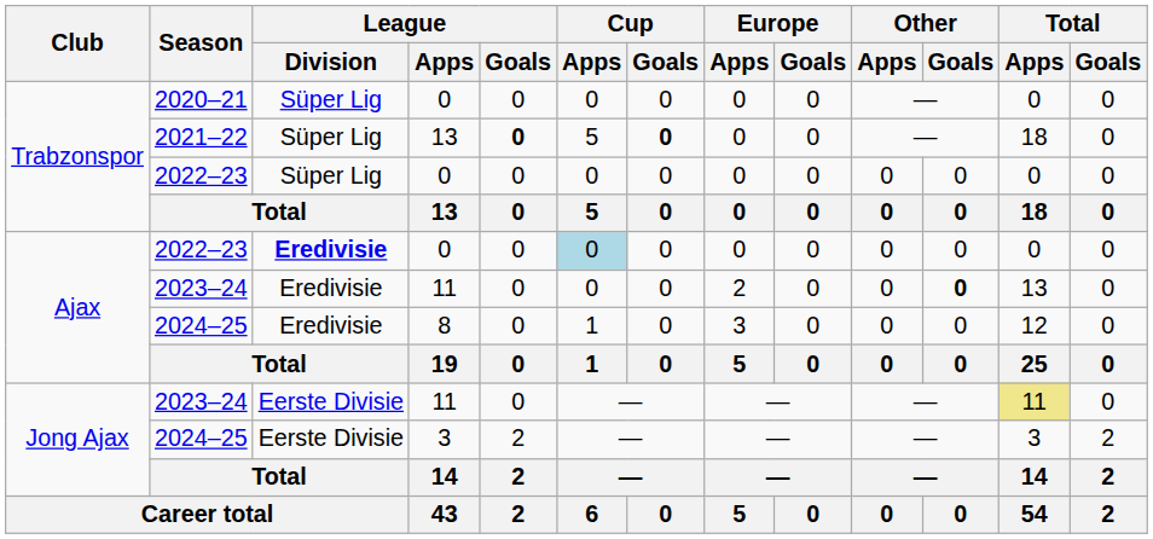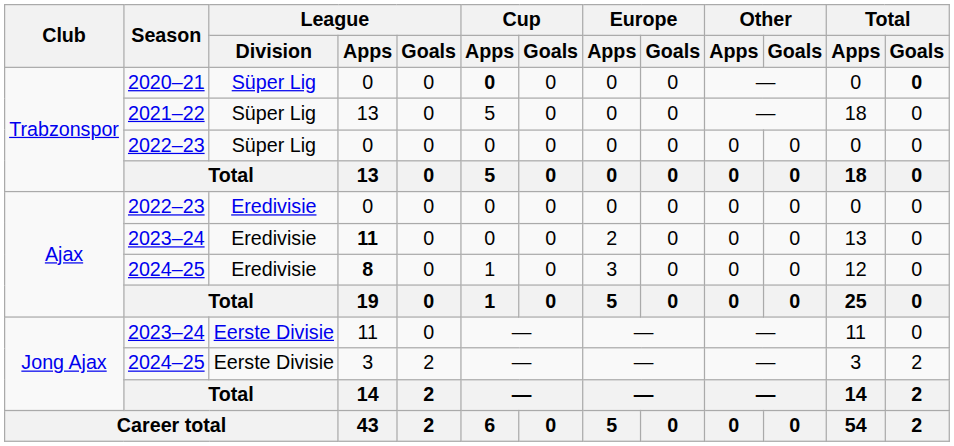 <table class="wikitable" style="text-align:center">
 <tr>
 <th rowspan="2">Club</th>
 <th rowspan="2">Season</th>
 <th colspan="3">League</th>
 <th colspan="2">Cup</th>
 <th colspan="2">Europe</th>
 <th colspan="2">Other</th>
 <th colspan="2">Total</th>
 </tr>
 <tr>
 <th>Division</th>
 <th>Apps</th>
 <th>Goals</th>
 <th>Apps</th>
 <th>Goals</th>
 <th>Apps</th>
 <th>Goals</th>
 <th>Apps</th>
 <th>Goals</th>
 <th>Apps</th>
 <th>Goals</th>
 </tr>
 <tr>
 <td rowspan="4"><a href='#'>Trabzonspor</a></td>
 <td><a href='#'>2020–21</a></td>
 <td><a href='#'>Süper Lig</a></td>
 <td>0</td>
 <td>0</td>
-<td>0</td>
+<td><strong>0</strong></td>
 <td>0</td>
 <td>0</td>
 <td>0</td>
 <td colspan="2">—</td>
 <td>0</td>
-<td>0</td>
+<td><strong>0</strong></td>
 </tr>
 <tr>
 <td><a href='#'>2021–22</a></td>
 <td>Süper Lig</td>
 <td>13</td>
-<td><strong>0</strong></td>
+<td>0</td>
 <td>5</td>
-<td><strong>0</strong></td>
+<td>0</td>
 <td>0</td>
 <td>0</td>
 <td colspan="2">—</td>
 <td>18</td>
 <td>0</td>
 </tr>
 <tr>
 <td><a href='#'>2022–23</a></td>
 <td>Süper Lig</td>
 <td>0</td>
 <td>0</td>
 <td>0</td>
 <td>0</td>
 <td>0</td>
 <td>0</td>
 <td>0</td>
 <td>0</td>
 <td>0</td>
 <td>0</td>
 </tr>
 <tr>
 <th colspan="2">Total</th>
 <th>13</th>
 <th>0</th>
 <th>5</th>
 <th>0</th>
 <th>0</th>
 <th>0</th>
 <th>0</th>
 <th>0</th>
 <th>18</th>
 <th>0</th>
 </tr>
 <tr>
 <td rowspan="4"><a href='#'>Ajax</a></td>
 <td><a href='#'>2022–23</a></td>
-<td><strong><a href='#'>Eredivisie</a></strong></td>
+<td><a href='#'>Eredivisie</a></td>
 <td>0</td>
 <td>0</td>
-<td style="background: lightblue;">0</td>
+<td>0</td>
 <td>0</td>
 <td>0</td>
 <td>0</td>
 <td>0</td>
 <td>0</td>
 <td>0</td>
 <td>0</td>
 </tr>
 <tr>
 <td><a href='#'>2023–24</a></td>
 <td>Eredivisie</td>
-<td>11</td>
+<td><strong>11</strong></td>
 <td>0</td>
 <td>0</td>
 <td>0</td>
 <td>2</td>
 <td>0</td>
 <td>0</td>
-<td><strong>0</strong></td>
+<td>0</td>
 <td>13</td>
 <td>0</td>
 </tr>
 <tr>
 <td><a href='#'>2024–25</a></td>
 <td>Eredivisie</td>
-<td>8</td>
+<td><strong>8</strong></td>
 <td>0</td>
 <td>1</td>
 <td>0</td>
 <td>3</td>
 <td>0</td>
 <td>0</td>
 <td>0</td>
 <td>12</td>
 <td>0</td>
 </tr>
 <tr>
 <th colspan="2">Total</th>
 <th>19</th>
 <th>0</th>
 <th>1</th>
 <th>0</th>
 <th>5</th>
 <th>0</th>
 <th>0</th>
 <th>0</th>
 <th>25</th>
 <th>0</th>
 </tr>
 <tr>
 <td rowspan="3"><a href='#'>Jong Ajax</a></td>
 <td><a href='#'>2023–24</a></td>
 <td><a href='#'>Eerste Divisie</a></td>
 <td>11</td>
 <td>0</td>
 <td colspan="2">—</td>
 <td colspan="2">—</td>
 <td colspan="2">—</td>
-<td style="background: khaki;">11</td>
+<td>11</td>
 <td>0</td>
 </tr>
 <tr>
 <td><a href='#'>2024–25</a></td>
 <td>Eerste Divisie</td>
 <td>3</td>
 <td>2</td>
 <td colspan="2">—</td>
 <td colspan="2">—</td>
 <td colspan="2">—</td>
 <td>3</td>
 <td>2</td>
 </tr>
 <tr>
 <th colspan="2">Total</th>
 <th>14</th>
 <th>2</th>
 <th colspan="2">—</th>
 <th colspan="2">—</th>
 <th colspan="2">—</th>
 <th>14</th>
 <th>2</th>
 </tr>
 <tr>
 <th colspan="3">Career total</th>
 <th>43</th>
 <th>2</th>
 <th>6</th>
 <th>0</th>
 <th>5</th>
 <th>0</th>
 <th>0</th>
 <th>0</th>
 <th>54</th>
 <th>2</th>
 </tr>
 </table>
